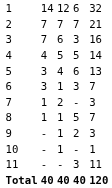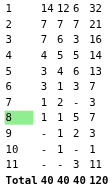 <table>
 <tr>
 <td>1</td>
 <td align=left></td>
 <td>14</td>
 <td>12</td>
 <td>6</td>
 <td>32</td>
 </tr>
 <tr>
 <td>2</td>
 <td align=left></td>
 <td>7</td>
 <td>7</td>
 <td>7</td>
 <td>21</td>
 </tr>
 <tr>
 <td>3</td>
 <td align=left></td>
 <td>7</td>
 <td>6</td>
 <td>3</td>
 <td>16</td>
 </tr>
 <tr>
 <td>4</td>
 <td align=left></td>
 <td>4</td>
 <td>5</td>
 <td>5</td>
 <td>14</td>
 </tr>
 <tr>
 <td>5</td>
 <td align=left></td>
 <td>3</td>
 <td>4</td>
 <td>6</td>
 <td>13</td>
 </tr>
 <tr>
 <td>6</td>
 <td align=left></td>
 <td>3</td>
 <td>1</td>
 <td>3</td>
 <td>7</td>
 </tr>
 <tr>
 <td>7</td>
 <td align=left></td>
 <td>1</td>
 <td>2</td>
 <td>-</td>
 <td>3</td>
 </tr>
 <tr>
-<td>8</td>
+<td style="background: lightgreen;">8</td>
 <td align=left></td>
 <td>1</td>
 <td>1</td>
 <td>5</td>
 <td>7</td>
 </tr>
 <tr>
 <td>9</td>
 <td align=left></td>
 <td>-</td>
 <td>1</td>
 <td>2</td>
 <td>3</td>
 </tr>
 <tr>
 <td>10</td>
 <td align=left></td>
 <td>-</td>
 <td>1</td>
 <td>-</td>
 <td>1</td>
 </tr>
 <tr>
 <td>11</td>
 <td align=left></td>
 <td>-</td>
 <td>-</td>
 <td>3</td>
 <td>11</td>
 </tr>
 <tr>
 <th colspan=2>Total</th>
 <th>40</th>
 <th>40</th>
 <th>40</th>
 <th>120</th>
 </tr>
 </table>
